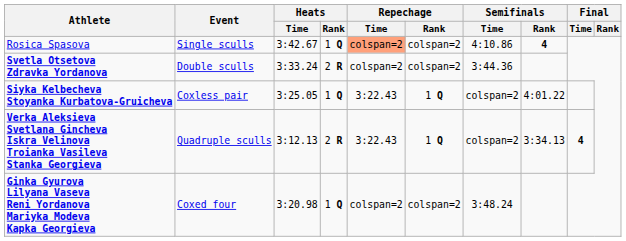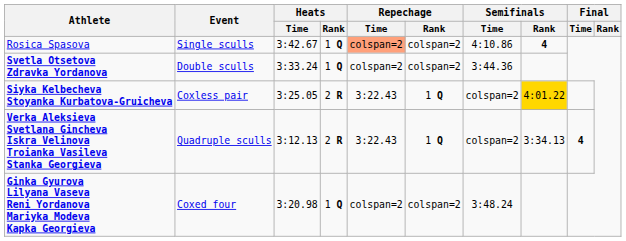 <table class="wikitable" style="font-size:90%; text-align:center;">
 <tr>
 <th rowspan="2">Athlete</th>
 <th rowspan="2">Event</th>
 <th colspan="2">Heats</th>
 <th colspan="2">Repechage</th>
 <th colspan="2">Semifinals</th>
 <th colspan="2">Final</th>
 </tr>
 <tr style="font-size:95%">
 <th>Time</th>
 <th>Rank</th>
 <th>Time</th>
 <th>Rank</th>
 <th>Time</th>
 <th>Rank</th>
 <th>Time</th>
 <th>Rank</th>
 </tr>
 <tr>
 <td align=left><a href='#'>Rosica Spasova</a></td>
 <td align=left><a href='#'>Single sculls</a></td>
 <td>3:42.67</td>
 <td>1 <strong>Q</strong></td>
 <td style="background: lightsalmon;">colspan=2 </td>
 <td>colspan=2 </td>
 <td>4:10.86</td>
 <td><strong>4</strong></td>
 </tr>
 <tr>
 <td align=left><strong><a href='#'>Svetla Otsetova</a><br><a href='#'>Zdravka Yordanova</a></strong></td>
 <td align=left><a href='#'>Double sculls</a></td>
 <td>3:33.24</td>
-<td>2 <strong>R</strong></td>
+<td>1 <strong>Q</strong></td>
 <td>colspan=2 </td>
 <td>colspan=2 </td>
 <td>3:44.36</td>
 <td></td>
 </tr>
 <tr>
 <td align=left><strong><a href='#'>Siyka Kelbecheva</a><br><a href='#'>Stoyanka Kurbatova-Gruicheva</a></strong></td>
 <td align=left><a href='#'>Coxless pair</a></td>
 <td>3:25.05</td>
-<td>1 <strong>Q</strong></td>
+<td>2 <strong>R</strong></td>
 <td>3:22.43</td>
 <td>1 <strong>Q</strong></td>
 <td>colspan=2 </td>
-<td>4:01.22</td>
+<td style="background: gold;">4:01.22</td>
 <td></td>
 </tr>
 <tr>
 <td align=left><strong><a href='#'>Verka Aleksieva</a><br><a href='#'>Svetlana Gincheva</a><br><a href='#'>Iskra Velinova</a><br><a href='#'>Troianka Vasileva</a> <br><a href='#'>Stanka Georgieva</a></strong></td>
 <td align=left><a href='#'>Quadruple sculls</a></td>
 <td>3:12.13</td>
 <td>2 <strong>R</strong></td>
 <td>3:22.43</td>
 <td>1 <strong>Q</strong></td>
 <td>colspan=2 </td>
 <td>3:34.13</td>
 <td><strong>4</strong></td>
 </tr>
 <tr>
 <td align=left><strong><a href='#'>Ginka Gyurova</a><br><a href='#'>Lilyana Vaseva</a><br><a href='#'>Reni Yordanova</a><br><a href='#'>Mariyka Modeva</a><br><a href='#'>Kapka Georgieva</a></strong></td>
 <td align=left><a href='#'>Coxed four</a></td>
 <td>3:20.98</td>
 <td>1 <strong>Q</strong></td>
 <td>colspan=2 </td>
 <td>colspan=2 </td>
 <td>3:48.24</td>
 <td></td>
 </tr>
 </table>
